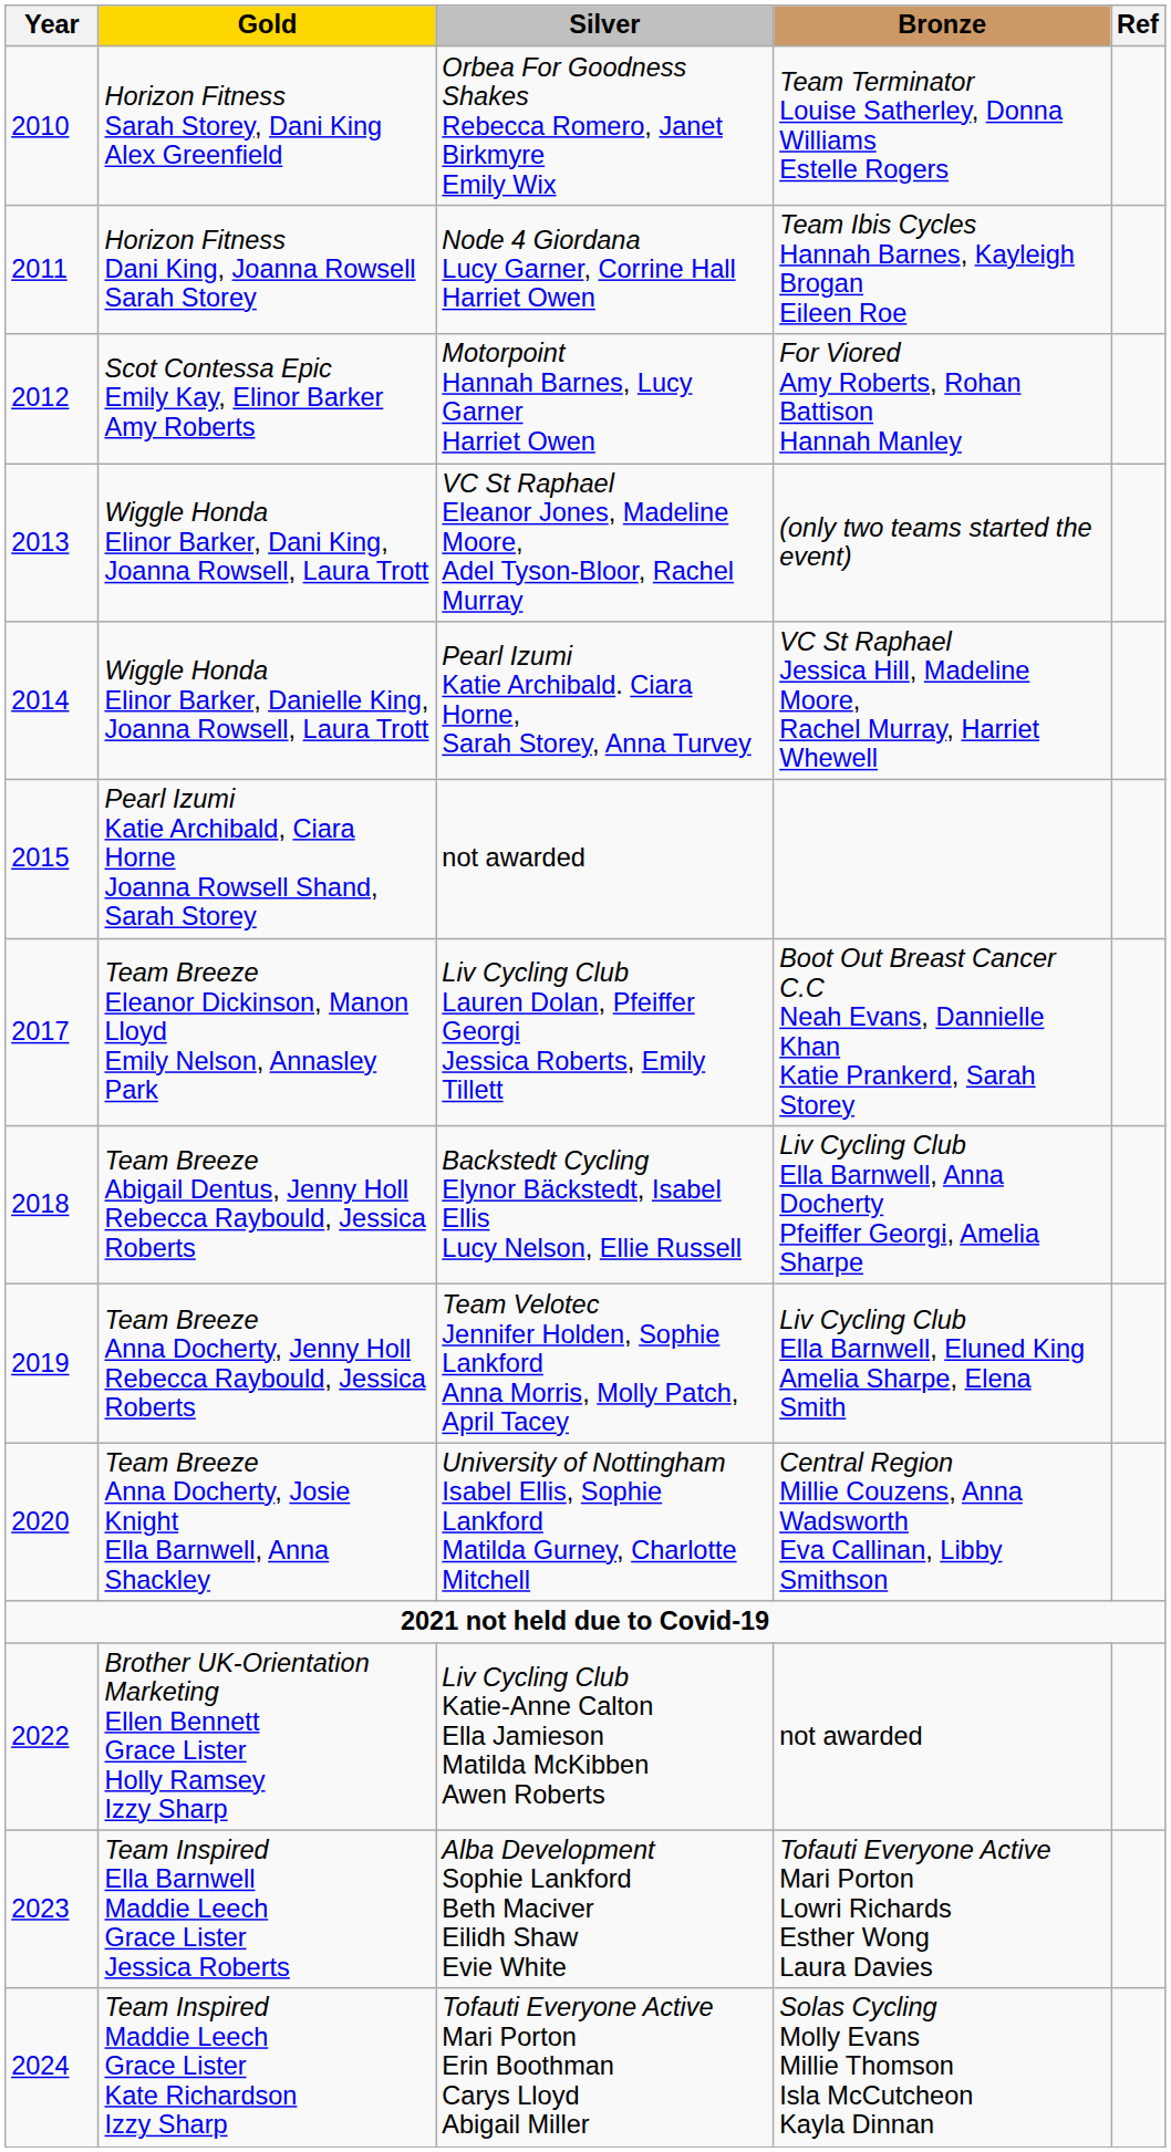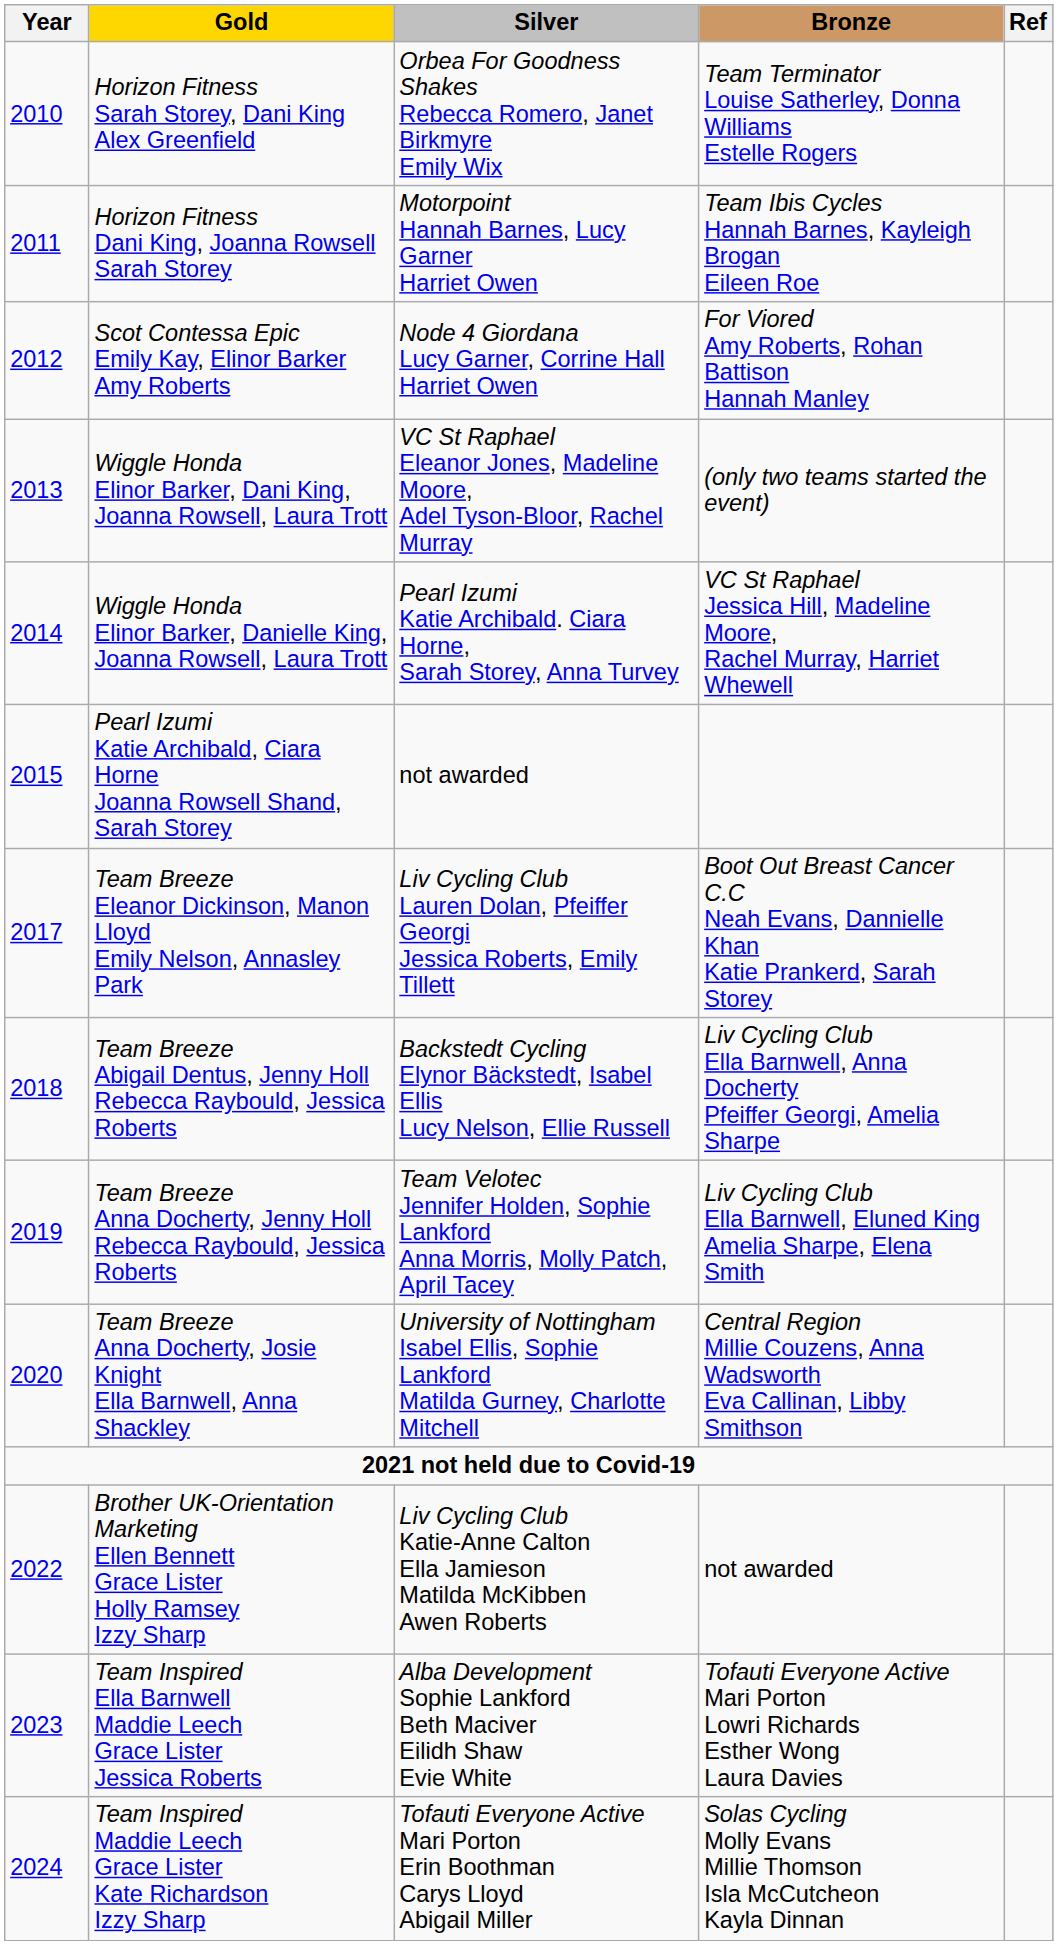 <table class="wikitable" style="font-size: 100%">
 <tr>
 <th width=50>Year</th>
 <th width=200 style="background-color: gold;">Gold</th>
 <th width=200 style="background-color: silver;">Silver</th>
 <th width=200 style="background-color: #cc9966;">Bronze</th>
 <th width=20>Ref</th>
 </tr>
 <tr>
 <td><a href='#'>2010</a></td>
 <td><em>Horizon Fitness</em> <br><a href='#'>Sarah Storey</a>, <a href='#'>Dani King</a><br> <a href='#'>Alex Greenfield</a></td>
 <td><em>Orbea For Goodness Shakes</em> <br><a href='#'>Rebecca Romero</a>, <a href='#'>Janet Birkmyre</a> <br> <a href='#'>Emily Wix</a></td>
 <td><em>Team Terminator</em> <br><a href='#'>Louise Satherley</a>, <a href='#'>Donna Williams</a> <br> <a href='#'>Estelle Rogers</a></td>
 <td></td>
 </tr>
 <tr>
 <td><a href='#'>2011</a></td>
 <td><em>Horizon Fitness</em><br> <a href='#'>Dani King</a>, <a href='#'>Joanna Rowsell</a> <br> <a href='#'>Sarah Storey</a></td>
-<td><em>Node 4 Giordana</em> <br><a href='#'>Lucy Garner</a>, <a href='#'>Corrine Hall</a> <br> <a href='#'>Harriet Owen</a></td>
+<td><em>Motorpoint</em> <br><a href='#'>Hannah Barnes</a>, <a href='#'>Lucy Garner</a> <br> <a href='#'>Harriet Owen</a></td>
 <td><em>Team Ibis Cycles</em> <br><a href='#'>Hannah Barnes</a>, <a href='#'>Kayleigh Brogan</a> <br> <a href='#'>Eileen Roe</a></td>
 <td></td>
 </tr>
 <tr>
 <td><a href='#'>2012</a></td>
 <td><em>Scot Contessa Epic</em> <br><a href='#'>Emily Kay</a>, <a href='#'>Elinor Barker</a> <br> <a href='#'>Amy Roberts</a></td>
-<td><em>Motorpoint</em> <br><a href='#'>Hannah Barnes</a>, <a href='#'>Lucy Garner</a> <br> <a href='#'>Harriet Owen</a></td>
+<td><em>Node 4 Giordana</em> <br><a href='#'>Lucy Garner</a>, <a href='#'>Corrine Hall</a> <br> <a href='#'>Harriet Owen</a></td>
 <td><em>For Viored</em> <br><a href='#'>Amy Roberts</a>, <a href='#'>Rohan Battison</a> <br> <a href='#'>Hannah Manley</a></td>
 <td></td>
 </tr>
 <tr>
 <td><a href='#'>2013</a></td>
 <td><em>Wiggle Honda</em> <br><a href='#'>Elinor Barker</a>, <a href='#'>Dani King</a>, <br><a href='#'>Joanna Rowsell</a>, <a href='#'>Laura Trott</a></td>
 <td><em>VC St Raphael </em> <br><a href='#'>Eleanor Jones</a>, <a href='#'>Madeline Moore</a>, <br><a href='#'>Adel Tyson-Bloor</a>, <a href='#'>Rachel Murray</a></td>
 <td><em>(only two teams started the event)</em></td>
 <td></td>
 </tr>
 <tr>
 <td><a href='#'>2014</a></td>
 <td><em>Wiggle Honda</em><br><a href='#'>Elinor Barker</a>, <a href='#'>Danielle King</a>,<br> <a href='#'>Joanna Rowsell</a>, <a href='#'>Laura Trott</a></td>
 <td><em>Pearl Izumi</em> <br><a href='#'>Katie Archibald</a>. <a href='#'>Ciara Horne</a>,<br> <a href='#'>Sarah Storey</a>, <a href='#'>Anna Turvey</a></td>
 <td><em>VC St Raphael </em> <br><a href='#'>Jessica Hill</a>, <a href='#'>Madeline Moore</a>,<br> <a href='#'>Rachel Murray</a>, <a href='#'>Harriet Whewell</a></td>
 <td></td>
 </tr>
 <tr>
 <td><a href='#'>2015</a></td>
 <td><em>Pearl Izumi</em><br><a href='#'>Katie Archibald</a>, <a href='#'>Ciara Horne</a><br><a href='#'>Joanna Rowsell Shand</a>, <a href='#'>Sarah Storey</a></td>
 <td>not awarded</td>
 <td></td>
 </tr>
 <tr>
 <td><a href='#'>2017</a></td>
 <td><em>Team Breeze</em><br><a href='#'>Eleanor Dickinson</a>, <a href='#'>Manon Lloyd</a><br><a href='#'>Emily Nelson</a>, <a href='#'>Annasley Park</a></td>
 <td><em>Liv Cycling Club</em><br><a href='#'>Lauren Dolan</a>, <a href='#'>Pfeiffer Georgi</a> <br><a href='#'>Jessica Roberts</a>, <a href='#'>Emily Tillett</a></td>
 <td><em>Boot Out Breast Cancer C.C</em><br><a href='#'>Neah Evans</a>, <a href='#'>Dannielle Khan</a><br><a href='#'>Katie Prankerd</a>, <a href='#'>Sarah Storey</a></td>
 <td></td>
 </tr>
 <tr>
 <td><a href='#'>2018</a></td>
 <td><em>Team Breeze</em><br><a href='#'>Abigail Dentus</a>, <a href='#'>Jenny Holl</a><br><a href='#'>Rebecca Raybould</a>, <a href='#'>Jessica Roberts</a></td>
 <td><em>Backstedt Cycling</em><br><a href='#'>Elynor Bäckstedt</a>, <a href='#'>Isabel Ellis</a><br><a href='#'>Lucy Nelson</a>, <a href='#'>Ellie Russell</a></td>
 <td><em>Liv Cycling Club</em><br><a href='#'>Ella Barnwell</a>, <a href='#'>Anna Docherty</a><br><a href='#'>Pfeiffer Georgi</a>, <a href='#'>Amelia Sharpe</a></td>
 <td></td>
 </tr>
 <tr>
 <td><a href='#'>2019</a></td>
 <td><em>Team Breeze</em><br><a href='#'>Anna Docherty</a>, <a href='#'>Jenny Holl</a><br><a href='#'>Rebecca Raybould</a>, <a href='#'>Jessica Roberts</a></td>
 <td><em>Team Velotec</em><br><a href='#'>Jennifer Holden</a>, <a href='#'>Sophie Lankford</a><br> <a href='#'>Anna Morris</a>, <a href='#'>Molly Patch</a>, <a href='#'>April Tacey</a></td>
 <td><em>Liv Cycling Club</em><br><a href='#'>Ella Barnwell</a>, <a href='#'>Eluned King</a><br><a href='#'>Amelia Sharpe</a>, <a href='#'>Elena Smith</a></td>
 <td></td>
 </tr>
 <tr>
 <td><a href='#'>2020</a></td>
 <td><em>Team Breeze</em><br><a href='#'>Anna Docherty</a>, <a href='#'>Josie Knight</a><br><a href='#'>Ella Barnwell</a>, <a href='#'>Anna Shackley</a></td>
 <td><em>University of Nottingham</em><br><a href='#'>Isabel Ellis</a>, <a href='#'>Sophie Lankford</a><br><a href='#'>Matilda Gurney</a>, <a href='#'>Charlotte Mitchell</a></td>
 <td><em>Central Region</em><br><a href='#'>Millie Couzens</a>, <a href='#'>Anna Wadsworth</a><br><a href='#'>Eva Callinan</a>, <a href='#'>Libby Smithson</a></td>
 <td></td>
 </tr>
 <tr>
 <td colspan=5 align=center><strong>2021 not held due to Covid-19</strong></td>
 </tr>
 <tr>
 <td><a href='#'>2022</a></td>
 <td><em>Brother UK-Orientation Marketing</em><br><a href='#'>Ellen Bennett</a><br><a href='#'>Grace Lister</a><br><a href='#'>Holly Ramsey</a><br><a href='#'>Izzy Sharp</a></td>
 <td><em>Liv Cycling Club</em><br>Katie-Anne Calton<br>Ella Jamieson<br>Matilda McKibben<br>Awen Roberts</td>
 <td>not awarded</td>
 <td></td>
 </tr>
 <tr>
 <td><a href='#'>2023</a></td>
 <td><em>Team Inspired</em><br><a href='#'>Ella Barnwell</a><br><a href='#'>Maddie Leech</a><br><a href='#'>Grace Lister</a><br><a href='#'>Jessica Roberts</a></td>
 <td><em>Alba Development</em><br>Sophie Lankford<br>Beth Maciver<br>Eilidh Shaw<br>Evie White</td>
 <td><em>Tofauti Everyone Active</em><br>Mari Porton<br>Lowri Richards<br>Esther Wong<br>Laura Davies</td>
 <td></td>
 </tr>
 <tr>
 <td><a href='#'>2024</a></td>
 <td><em>Team Inspired</em><br><a href='#'>Maddie Leech</a><br><a href='#'>Grace Lister</a><br><a href='#'>Kate Richardson</a><br><a href='#'>Izzy Sharp</a></td>
 <td><em>Tofauti Everyone Active</em><br>Mari Porton<br>Erin Boothman<br>Carys Lloyd<br>Abigail Miller</td>
 <td><em>Solas Cycling</em><br>Molly Evans<br>Millie Thomson<br>Isla McCutcheon<br>Kayla Dinnan</td>
 <td></td>
 </tr>
 </table>
